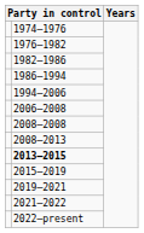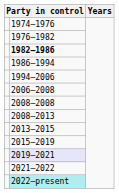 <table class="wikitable">
 <tr>
 <th colspan=2>Party in control</th>
 <th>Years</th>
 </tr>
 <tr>
 <td></td>
 <td>1974–1976</td>
 </tr>
 <tr>
 <td></td>
 <td>1976–1982</td>
 </tr>
 <tr>
 <td></td>
-<td>1982–1986</td>
+<td><strong>1982–1986</strong></td>
 </tr>
 <tr>
 <td></td>
 <td>1986–1994</td>
 </tr>
 <tr>
 <td></td>
 <td>1994–2006</td>
 </tr>
 <tr>
 <td></td>
 <td>2006–2008</td>
 </tr>
 <tr>
 <td></td>
 <td>2008–2008</td>
 </tr>
 <tr>
 <td></td>
 <td>2008–2013</td>
 </tr>
 <tr>
 <td></td>
-<td><strong>2013–2015</strong></td>
+<td>2013–2015</td>
 </tr>
 <tr>
 <td></td>
 <td>2015–2019</td>
 </tr>
 <tr>
 <td></td>
-<td>2019–2021</td>
+<td style="background: lavender;">2019–2021</td>
 </tr>
 <tr>
 <td></td>
 <td>2021–2022</td>
 </tr>
 <tr>
 <td></td>
-<td>2022–present</td>
+<td style="background: paleturquoise;">2022–present</td>
 </tr>
 </table>
